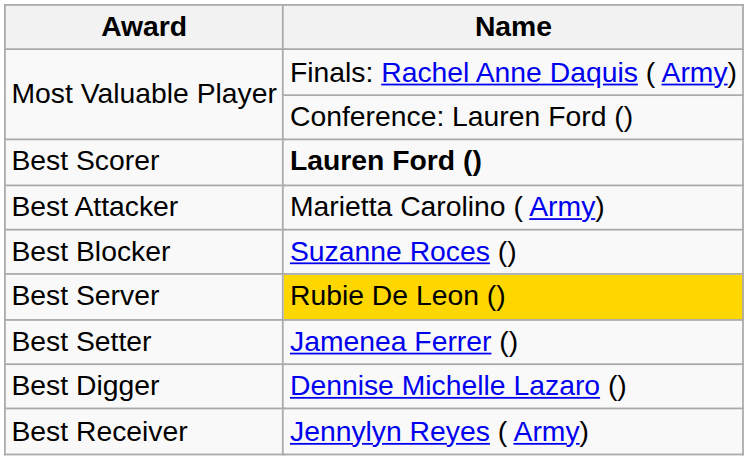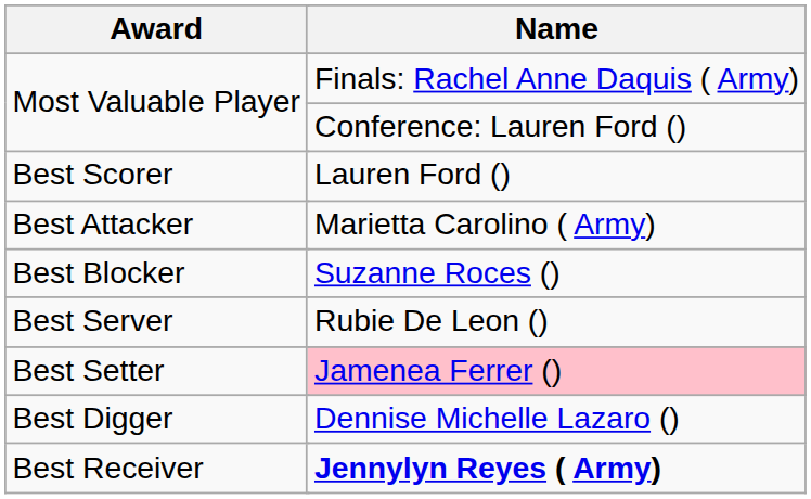 <table class="wikitable">
 <tr>
 <th colspan="2">Award</th>
 <th>Name</th>
 </tr>
 <tr>
 <td rowspan="2" colspan="2">Most Valuable Player</td>
 <td>Finals:  <a href='#'>Rachel Anne Daquis</a> ( <a href='#'>Army</a>)</td>
 </tr>
 <tr>
 <td>Conference:  Lauren Ford ()</td>
 </tr>
 <tr>
 <td colspan="2">Best Scorer</td>
-<td><strong> Lauren Ford ()</strong></td>
+<td> Lauren Ford ()</td>
 </tr>
 <tr>
 <td colspan="2">Best Attacker</td>
 <td> Marietta Carolino ( <a href='#'>Army</a>)</td>
 </tr>
 <tr>
 <td colspan="2">Best Blocker</td>
 <td> <a href='#'>Suzanne Roces</a> ()</td>
 </tr>
 <tr>
 <td colspan="2">Best Server</td>
-<td style="background: gold;"> Rubie De Leon ()</td>
+<td> Rubie De Leon ()</td>
 </tr>
 <tr>
 <td colspan="2">Best Setter</td>
-<td> <a href='#'>Jamenea Ferrer</a> ()</td>
+<td style="background: pink;"> <a href='#'>Jamenea Ferrer</a> ()</td>
 </tr>
 <tr>
 <td colspan="2">Best Digger</td>
 <td> <a href='#'>Dennise Michelle Lazaro</a> ()</td>
 </tr>
 <tr>
 <td colspan="2">Best Receiver</td>
-<td> <a href='#'>Jennylyn Reyes</a> ( <a href='#'>Army</a>)</td>
+<td><strong> <a href='#'>Jennylyn Reyes</a> ( <a href='#'>Army</a>)</strong></td>
 </tr>
 </table>
